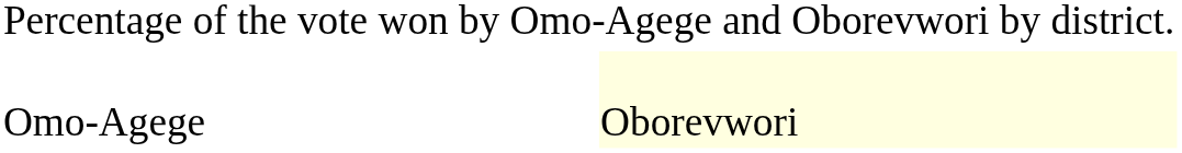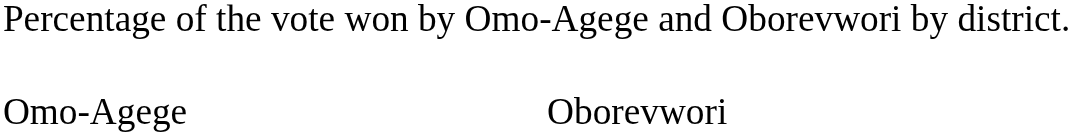 <table align=center>
 <tr>
 <td colspan=2>Percentage of the vote won by Omo-Agege and Oborevwori by district.</td>
 </tr>
 <tr>
 <td><br>Omo-Agege<br>  </td>
-<td style="background: lightyellow;"><br>Oborevwori<br>  </td>
+<td><br>Oborevwori<br>  </td>
 </tr>
 </table>
